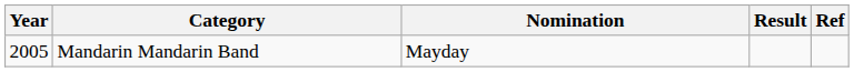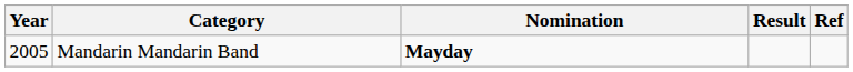 <table class="wikitable">
 <tr>
 <th>Year</th>
 <th width="280">Category</th>
 <th width="280">Nomination</th>
 <th>Result</th>
 <th>Ref</th>
 </tr>
 <tr>
 <td rowspan="2">2005</td>
 <td>Mandarin Mandarin Band</td>
-<td>Mayday</td>
+<td><strong>Mayday</strong></td>
 <td></td>
 <td rowspan="2" align="center"></td>
 </tr>
 </table>
